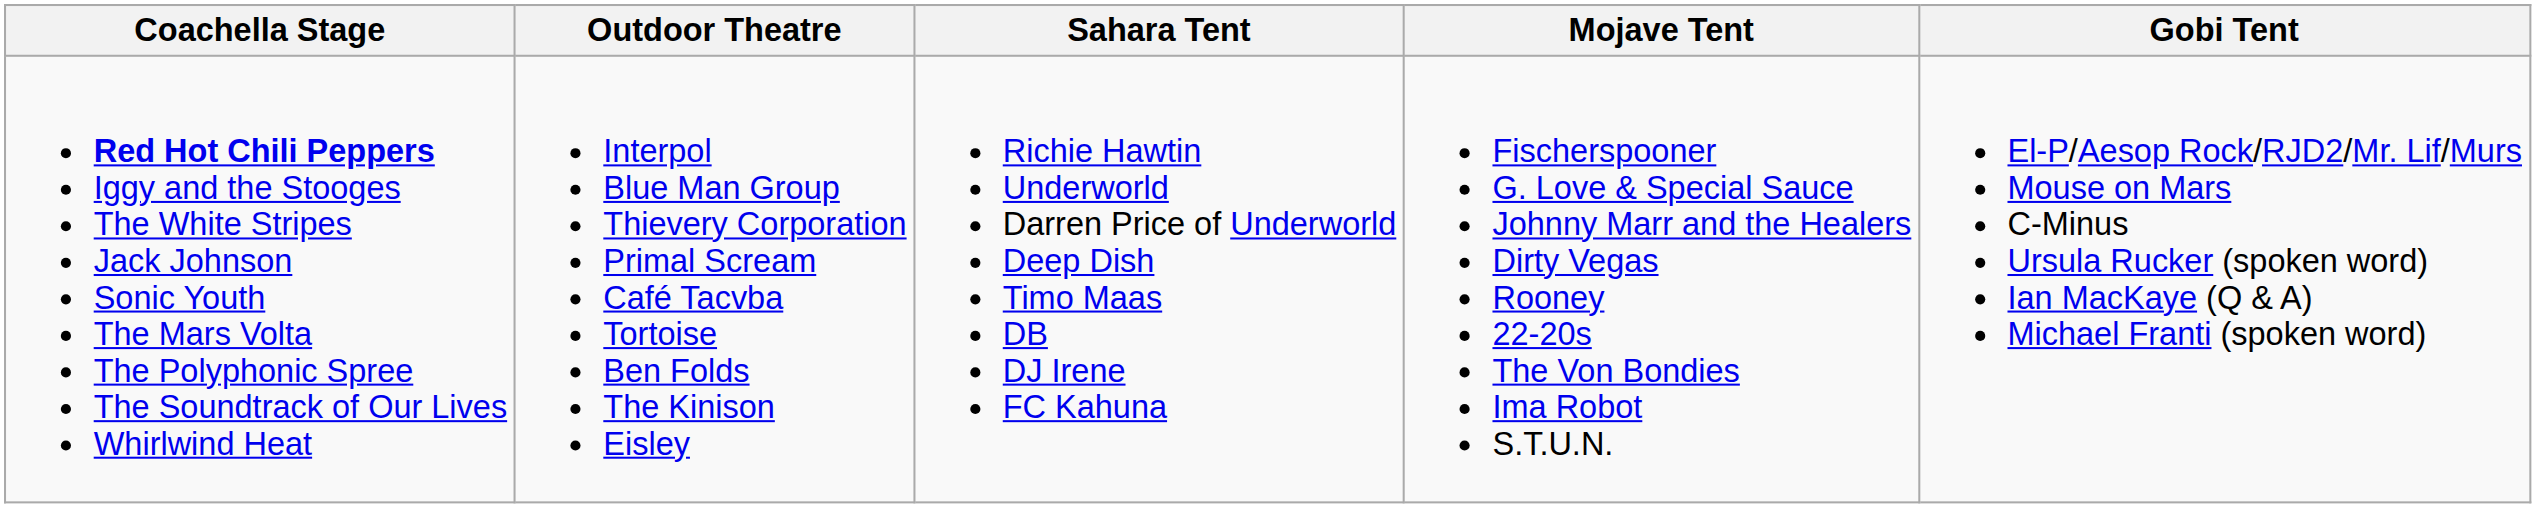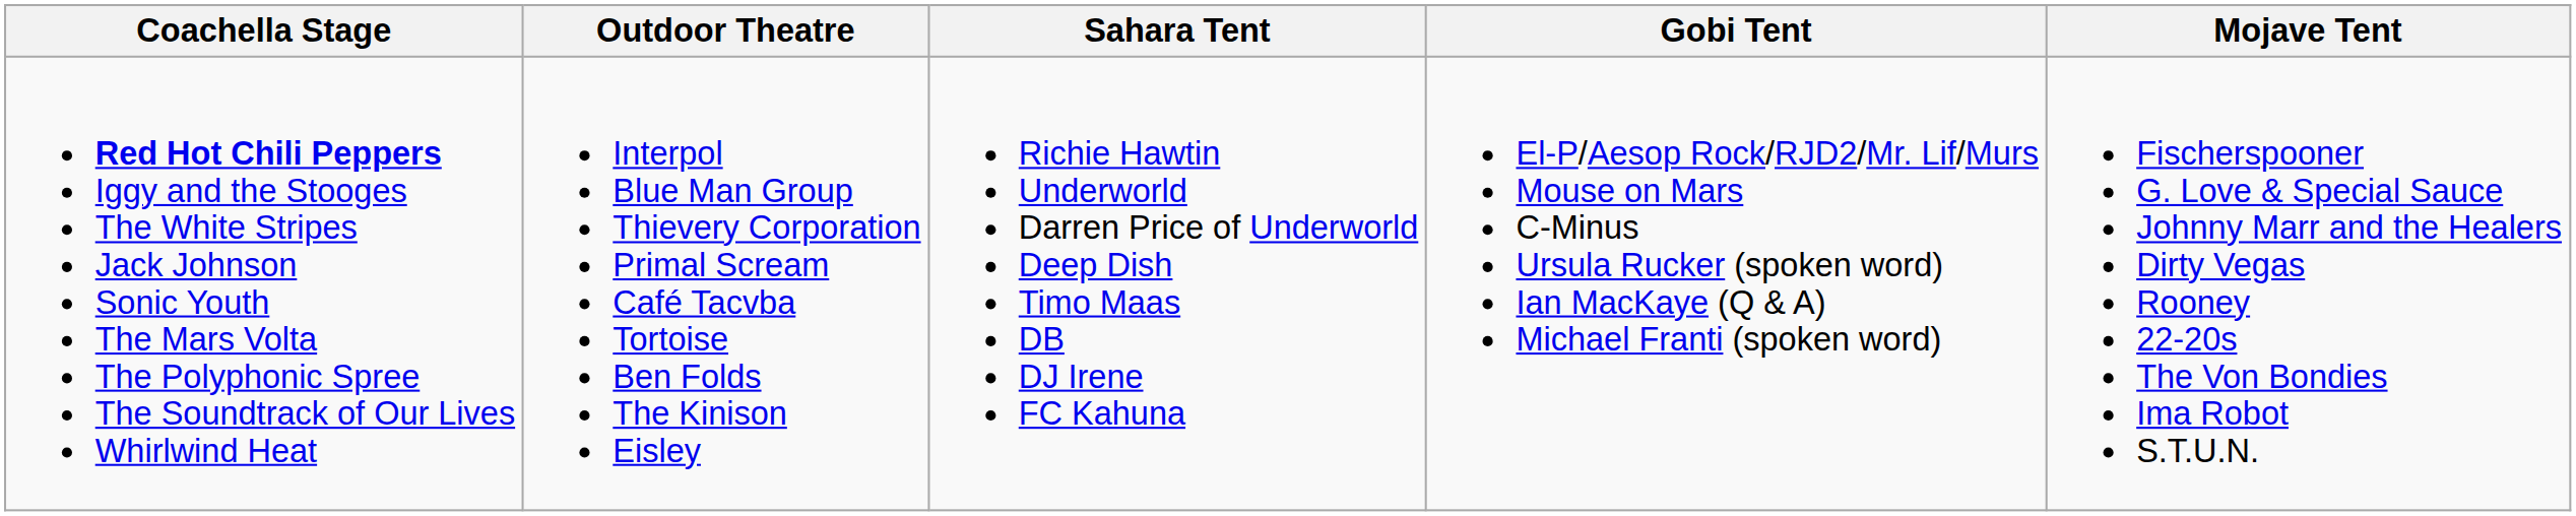 <table class="wikitable">
 <tr>
 <th>Coachella Stage</th>
 <th>Outdoor Theatre</th>
 <th>Sahara Tent</th>
+<th>Gobi Tent</th>
 <th>Mojave Tent</th>
-<th>Gobi Tent</th>
 </tr>
 <tr valign="top">
 <td><br><ul><li><strong><a href='#'>Red Hot Chili Peppers</a></strong></li><li><a href='#'>Iggy and the Stooges</a></li><li><a href='#'>The White Stripes</a></li><li><a href='#'>Jack Johnson</a></li><li><a href='#'>Sonic Youth</a></li><li><a href='#'>The Mars Volta</a></li><li><a href='#'>The Polyphonic Spree</a></li><li><a href='#'>The Soundtrack of Our Lives</a></li><li><a href='#'>Whirlwind Heat</a></li></ul></td>
 <td><br><ul><li><a href='#'>Interpol</a></li><li><a href='#'>Blue Man Group</a></li><li><a href='#'>Thievery Corporation</a></li><li><a href='#'>Primal Scream</a></li><li><a href='#'>Café Tacvba</a></li><li><a href='#'>Tortoise</a></li><li><a href='#'>Ben Folds</a></li><li><a href='#'>The Kinison</a></li><li><a href='#'>Eisley</a></li></ul></td>
 <td><br><ul><li><a href='#'>Richie Hawtin</a></li><li><a href='#'>Underworld</a></li><li>Darren Price of <a href='#'>Underworld</a></li><li><a href='#'>Deep Dish</a></li><li><a href='#'>Timo Maas</a></li><li><a href='#'>DB</a></li><li><a href='#'>DJ Irene</a></li><li><a href='#'>FC Kahuna</a></li></ul></td>
+<td><br><ul><li><a href='#'>El-P</a>/<a href='#'>Aesop Rock</a>/<a href='#'>RJD2</a>/<a href='#'>Mr. Lif</a>/<a href='#'>Murs</a></li><li><a href='#'>Mouse on Mars</a></li><li>C-Minus</li><li><a href='#'>Ursula Rucker</a> (spoken word)</li><li><a href='#'>Ian MacKaye</a> (Q & A)</li><li><a href='#'>Michael Franti</a> (spoken word)</li></ul></td>
 <td><br><ul><li><a href='#'>Fischerspooner</a></li><li><a href='#'>G. Love & Special Sauce</a></li><li><a href='#'>Johnny Marr and the Healers</a></li><li><a href='#'>Dirty Vegas</a></li><li><a href='#'>Rooney</a></li><li><a href='#'>22-20s</a></li><li><a href='#'>The Von Bondies</a></li><li><a href='#'>Ima Robot</a></li><li>S.T.U.N.</li></ul></td>
-<td><br><ul><li><a href='#'>El-P</a>/<a href='#'>Aesop Rock</a>/<a href='#'>RJD2</a>/<a href='#'>Mr. Lif</a>/<a href='#'>Murs</a></li><li><a href='#'>Mouse on Mars</a></li><li>C-Minus</li><li><a href='#'>Ursula Rucker</a> (spoken word)</li><li><a href='#'>Ian MacKaye</a> (Q & A)</li><li><a href='#'>Michael Franti</a> (spoken word)</li></ul></td>
 </tr>
 </table>
